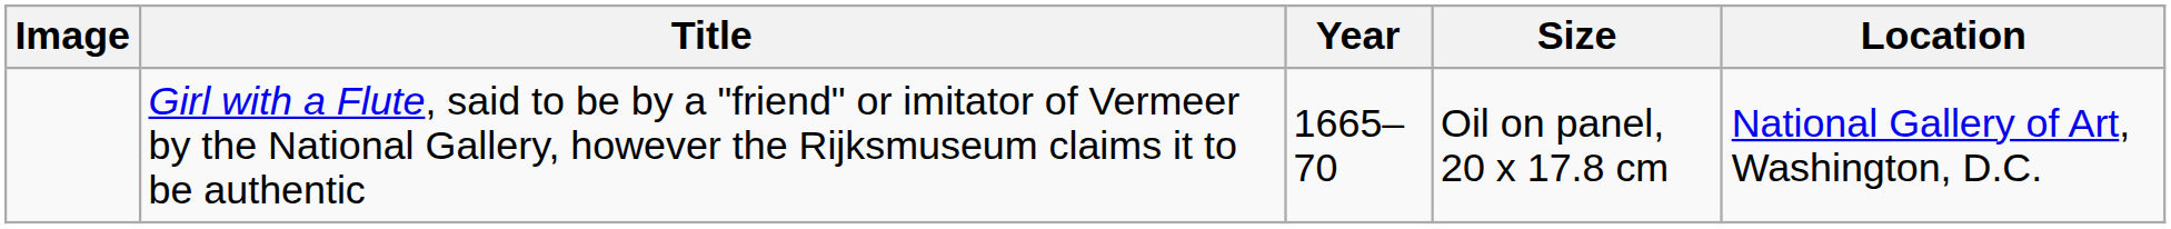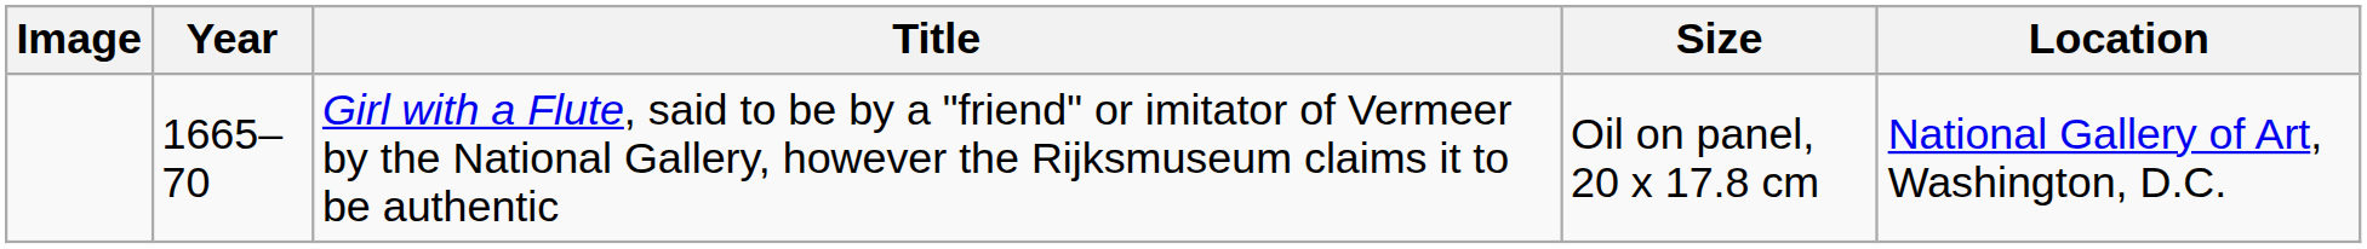 <table class="wikitable sortable">
 <tr>
 <th>Image</th>
+<th>Year</th>
 <th>Title</th>
-<th>Year</th>
 <th>Size</th>
 <th>Location</th>
 </tr>
 <tr>
 <td></td>
+<td>1665–70</td>
 <td><em><a href='#'>Girl with a Flute</a></em>, said to be by a "friend" or imitator of Vermeer by the National Gallery, however the Rijksmuseum claims it to be authentic</td>
-<td>1665–70</td>
 <td>Oil on panel, 20 x 17.8 cm</td>
 <td><a href='#'>National Gallery of Art</a>, Washington, D.C.</td>
 </tr>
 </table>
